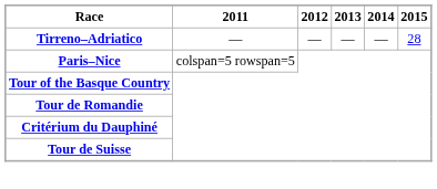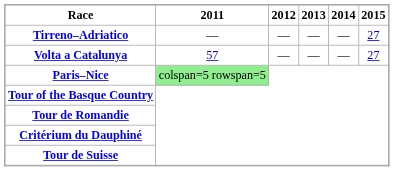 <table cellpadding="3" cellspacing="0" border="1" style="font-size: 95%; border: #aaa solid 2px; border-collapse: collapse;">
 <tr>
 <th>Race</th>
 <th scope="col">2011</th>
 <th scope="col">2012</th>
 <th scope="col">2013</th>
 <th scope="col">2014</th>
 <th scope="col">2015</th>
 </tr>
 <tr style="text-align:center;">
 <td><strong><a href='#'>Tirreno–Adriatico</a></strong></td>
 <td>—</td>
 <td>—</td>
 <td>—</td>
 <td>—</td>
-<td><a href='#'>28</a></td>
+<td><a href='#'>27</a></td>
+</tr>
+<tr style="text-align:center;">
+<td><strong><a href='#'>Volta a Catalunya</a></strong></td>
+<td><a href='#'>57</a></td>
+<td>—</td>
+<td>—</td>
+<td>—</td>
+<td><a href='#'>27</a></td>
 </tr>
 <tr style="text-align:center; text-align:center;">
 <td><strong><a href='#'>Paris–Nice</a></strong></td>
-<td>colspan=5 rowspan=5 </td>
+<td style="background: lightgreen;">colspan=5 rowspan=5 </td>
 </tr>
 <tr style="text-align:center;">
 <td><strong><a href='#'>Tour of the Basque Country</a></strong></td>
 </tr>
 <tr style="text-align:center">
 <td><strong><a href='#'>Tour de Romandie</a></strong></td>
 </tr>
 <tr style="text-align:center;">
 <td><strong><a href='#'>Critérium du Dauphiné</a></strong></td>
 </tr>
 <tr style="text-align:center; text-align:center;">
 <td><strong><a href='#'>Tour de Suisse</a></strong></td>
 </tr>
 </table>
